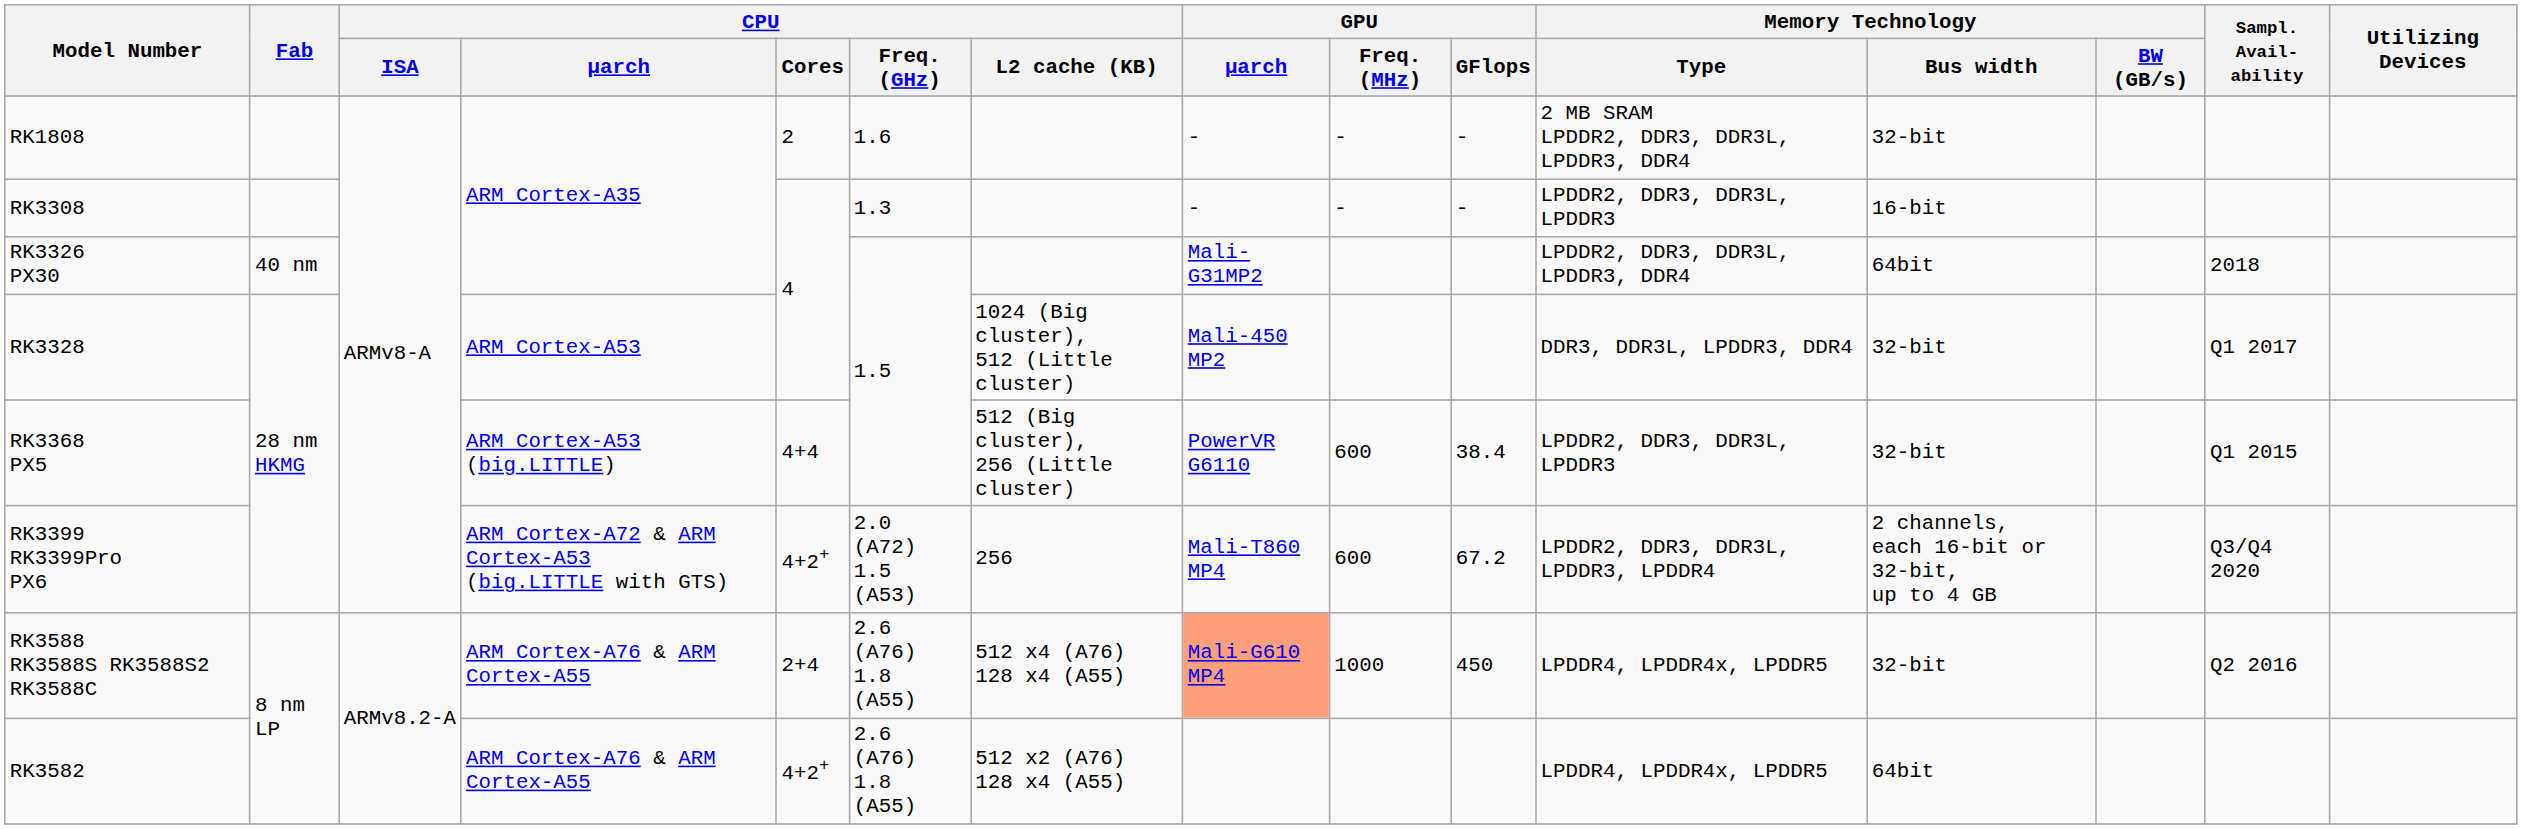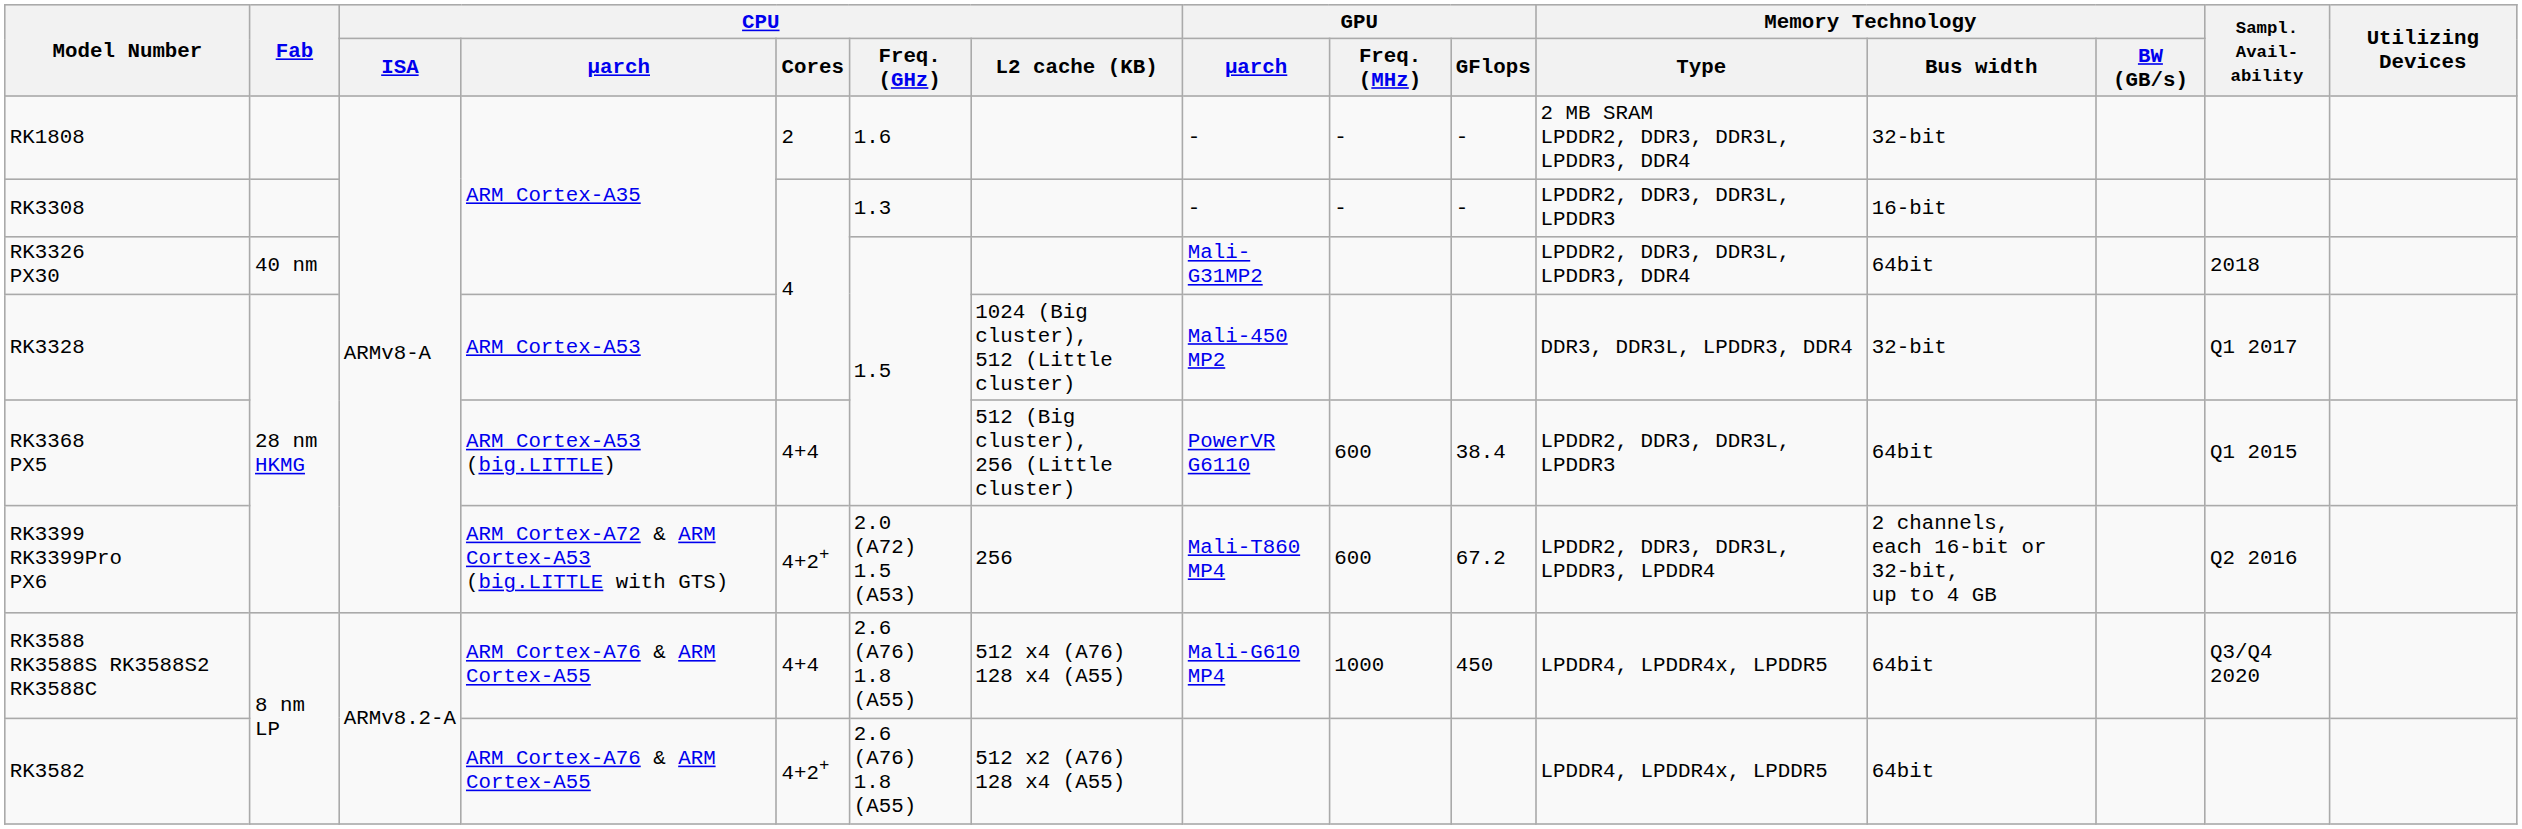 <table class="wikitable">
 <tr>
 <th rowspan="2">Model Number</th>
 <th rowspan="2"><a href='#'>Fab</a></th>
 <th colspan="5"><a href='#'>CPU</a></th>
 <th colspan="3">GPU</th>
 <th colspan="3">Memory Technology</th>
 <th rowspan="2"><small>Sampl. Avail-<br>ability</small></th>
 <th rowspan="2">Utilizing Devices</th>
 </tr>
 <tr>
 <th><a href='#'>ISA</a></th>
 <th><a href='#'>μarch</a></th>
 <th>Cores</th>
 <th>Freq. (<a href='#'>GHz</a>)</th>
 <th>L2 cache (KB)</th>
 <th><a href='#'>μarch</a></th>
 <th>Freq. (<a href='#'>MHz</a>)</th>
 <th>GFlops</th>
 <th>Type</th>
 <th>Bus width</th>
 <th><a href='#'>BW</a> (GB/s)</th>
 </tr>
 <tr>
 <td>RK1808</td>
 <td></td>
 <td rowspan="6">ARMv8‑A</td>
 <td rowspan="3"><a href='#'>ARM Cortex-A35</a></td>
 <td>2</td>
 <td>1.6</td>
 <td></td>
 <td>-</td>
 <td>-</td>
 <td>-</td>
 <td>2 MB SRAM<br>LPDDR2, DDR3, DDR3L, LPDDR3, DDR4</td>
 <td>32-bit</td>
 <td></td>
 <td></td>
 <td></td>
 </tr>
 <tr>
 <td>RK3308</td>
 <td></td>
 <td rowspan="3">4</td>
 <td>1.3</td>
 <td></td>
 <td>-</td>
 <td>-</td>
 <td>-</td>
 <td>LPDDR2, DDR3, DDR3L, LPDDR3</td>
 <td>16-bit</td>
 <td></td>
 <td></td>
 <td></td>
 </tr>
 <tr>
 <td>RK3326<br>PX30</td>
 <td>40 nm</td>
 <td rowspan="3">1.5</td>
 <td></td>
 <td><a href='#'>Mali-G31MP2</a></td>
 <td></td>
 <td></td>
 <td>LPDDR2, DDR3, DDR3L, LPDDR3, DDR4</td>
 <td>64bit</td>
 <td></td>
 <td>2018</td>
 <td></td>
 </tr>
 <tr>
 <td>RK3328</td>
 <td rowspan="3">28 nm<br><a href='#'>HKMG</a></td>
 <td><a href='#'>ARM Cortex-A53</a></td>
 <td>1024 (Big cluster),<br>512 (Little cluster)</td>
 <td><a href='#'>Mali-450 MP2</a></td>
 <td></td>
 <td></td>
 <td>DDR3, DDR3L, LPDDR3, DDR4</td>
 <td>32-bit</td>
 <td></td>
 <td>Q1 2017</td>
 <td></td>
 </tr>
 <tr>
 <td>RK3368<br>PX5</td>
 <td><a href='#'>ARM Cortex-A53</a> (<a href='#'>big.LITTLE</a>)</td>
 <td>4+4</td>
 <td>512 (Big cluster),<br> 256 (Little cluster)</td>
 <td><a href='#'>PowerVR G6110</a></td>
 <td>600</td>
 <td>38.4</td>
 <td>LPDDR2, DDR3, DDR3L, LPDDR3</td>
-<td>32-bit</td>
+<td>64bit</td>
 <td></td>
 <td>Q1 2015</td>
 <td></td>
 </tr>
 <tr>
 <td>RK3399<br>RK3399Pro<br>PX6</td>
 <td><a href='#'>ARM Cortex-A72</a> & <a href='#'>ARM Cortex-A53</a><br>(<a href='#'>big.LITTLE</a> with GTS)</td>
 <td>4+2<sup>+</sup> </td>
 <td>2.0 (A72)<br>1.5 (A53)</td>
 <td>256</td>
 <td><a href='#'>Mali-T860 MP4</a></td>
 <td>600</td>
 <td>67.2</td>
 <td>LPDDR2, DDR3, DDR3L, LPDDR3, LPDDR4</td>
 <td>2 channels,<br>each 16-bit or 32-bit,<br>up to 4 GB</td>
 <td></td>
-<td>Q3/Q4 2020</td>
+<td>Q2 2016</td>
 <td></td>
 </tr>
 <tr>
 <td>RK3588<br>RK3588S RK3588S2 RK3588C</td>
 <td rowspan="2">8 nm LP</td>
 <td rowspan="2">ARMv8.2‑A</td>
 <td><a href='#'>ARM Cortex-A76</a> & <a href='#'>ARM Cortex-A55</a></td>
-<td>2+4</td>
+<td>4+4</td>
 <td>2.6 (A76)<br>1.8 (A55)</td>
 <td>512 x4 (A76)<br>128 x4 (A55)</td>
-<td style="background: lightsalmon;"><a href='#'> Mali-G610 MP4</a></td>
+<td><a href='#'> Mali-G610 MP4</a></td>
 <td>1000</td>
 <td>450</td>
 <td>LPDDR4, LPDDR4x, LPDDR5</td>
-<td>32-bit</td>
+<td>64bit</td>
 <td></td>
-<td>Q2 2016</td>
+<td>Q3/Q4 2020</td>
 <td></td>
 </tr>
 <tr>
 <td>RK3582</td>
 <td><a href='#'>ARM Cortex-A76</a> & <a href='#'>ARM Cortex-A55</a></td>
 <td>4+2<sup>+</sup> </td>
 <td>2.6 (A76)<br>1.8 (A55)</td>
 <td>512 x2 (A76)<br>128 x4 (A55)</td>
 <td></td>
 <td></td>
 <td></td>
 <td>LPDDR4, LPDDR4x, LPDDR5</td>
 <td>64bit</td>
 <td></td>
 <td></td>
 <td></td>
 </tr>
 </table>
